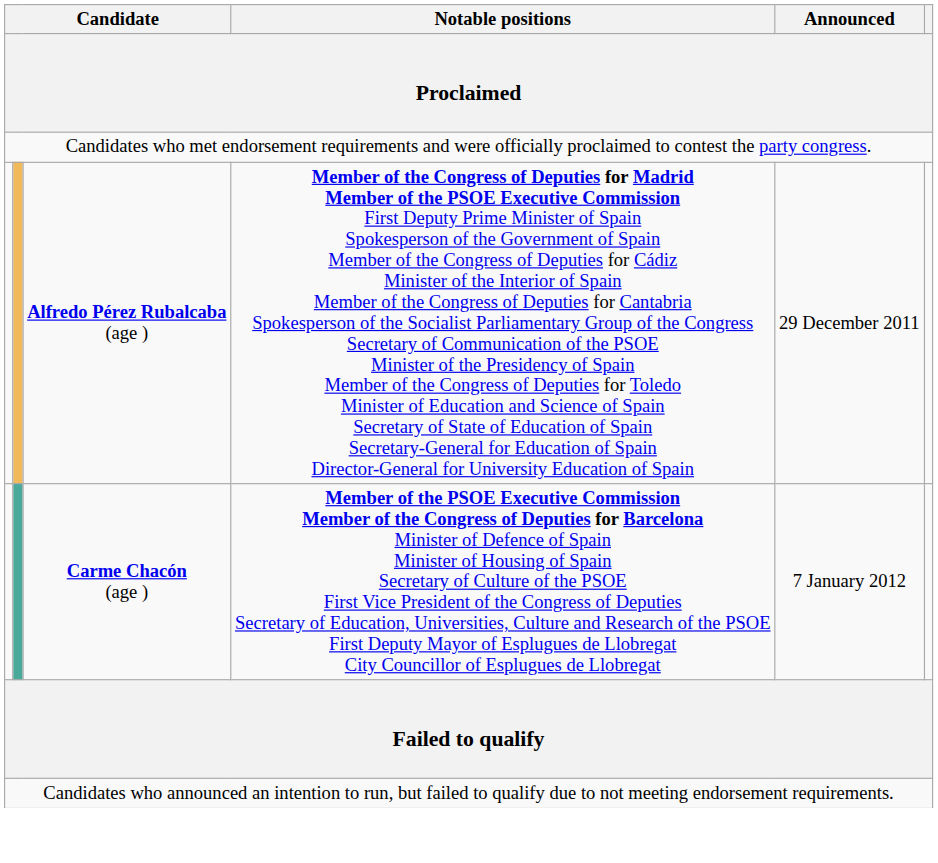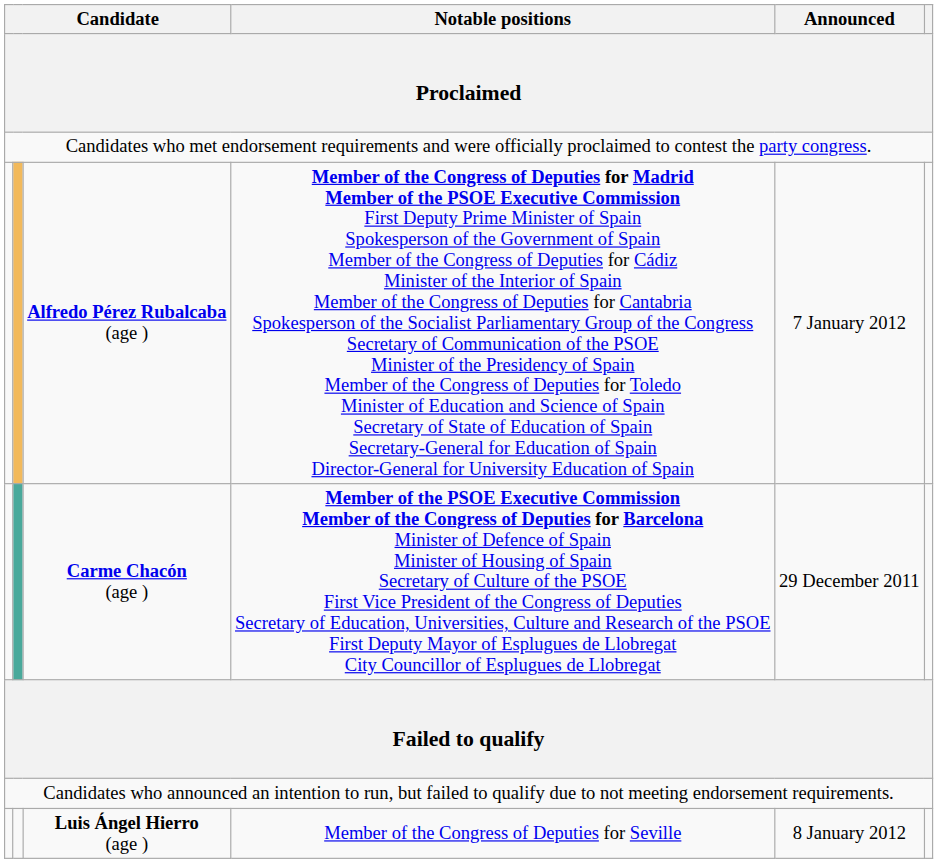 <table class="wikitable" style="text-align:center;">
 <tr>
 <th colspan="3">Candidate</th>
 <th>Notable positions</th>
 <th>Announced</th>
 <th></th>
 </tr>
 <tr>
 <th colspan="6"><br><h3>Proclaimed</h3></th>
 </tr>
 <tr>
 <td colspan="6">Candidates who met endorsement requirements and were officially proclaimed to contest the <a href='#'>party congress</a>.</td>
 </tr>
 <tr>
 <td></td>
 <td width="1px" style="color:inherit;background:#F2B95B"></td>
 <td><strong><a href='#'>Alfredo Pérez Rubalcaba</a></strong><br>(age )</td>
 <td><strong><a href='#'>Member of the Congress of Deputies</a> for <a href='#'>Madrid</a> <br><a href='#'>Member of the PSOE Executive Commission</a> </strong><br><a href='#'>First Deputy Prime Minister of Spain</a> <br><a href='#'>Spokesperson of the Government of Spain</a> <br><a href='#'>Member of the Congress of Deputies</a> for <a href='#'>Cádiz</a> <br><a href='#'>Minister of the Interior of Spain</a> <br><a href='#'>Member of the Congress of Deputies</a> for <a href='#'>Cantabria</a> <br><a href='#'>Spokesperson of the Socialist Parliamentary Group of the Congress</a> <br><a href='#'>Secretary of Communication of the PSOE</a> <br><a href='#'>Minister of the Presidency of Spain</a> <br><a href='#'>Member of the Congress of Deputies</a> for <a href='#'>Toledo</a> <br><a href='#'>Minister of Education and Science of Spain</a> <br><a href='#'>Secretary of State of Education of Spain</a> <br><a href='#'>Secretary-General for Education of Spain</a> <br><a href='#'>Director-General for University Education of Spain</a> </td>
-<td>29 December 2011</td>
+<td>7 January 2012</td>
 <td></td>
 </tr>
 <tr>
 <td></td>
 <td style="color:inherit;background:#49A99B"></td>
 <td><strong><a href='#'>Carme Chacón</a></strong><br>(age )</td>
 <td><strong><a href='#'>Member of the PSOE Executive Commission</a> <br><a href='#'>Member of the Congress of Deputies</a> for <a href='#'>Barcelona</a> </strong><br><a href='#'>Minister of Defence of Spain</a> <br><a href='#'>Minister of Housing of Spain</a> <br><a href='#'>Secretary of Culture of the PSOE</a> <br><a href='#'>First Vice President of the Congress of Deputies</a> <br><a href='#'>Secretary of Education, Universities, Culture and Research of the PSOE</a> <br><a href='#'>First Deputy Mayor of Esplugues de Llobregat</a> <br><a href='#'>City Councillor of Esplugues de Llobregat</a> </td>
-<td>7 January 2012</td>
+<td>29 December 2011</td>
 <td></td>
 </tr>
 <tr>
 <th colspan="6"><br><h3>Failed to qualify</h3></th>
 </tr>
 <tr>
 <td colspan="6">Candidates who announced an intention to run, but failed to qualify due to not meeting endorsement requirements.</td>
 </tr>
+<tr>
+<td></td>
+<td style="color:inherit;background:"></td>
+<td><strong>Luis Ángel Hierro</strong><br>(age )</td>
+<td><a href='#'>Member of the Congress of Deputies</a> for <a href='#'>Seville</a> </td>
+<td>8 January 2012</td>
+<td></td>
+</tr>
 </table>
